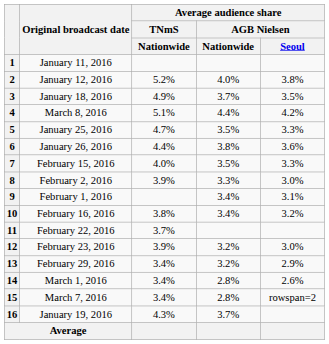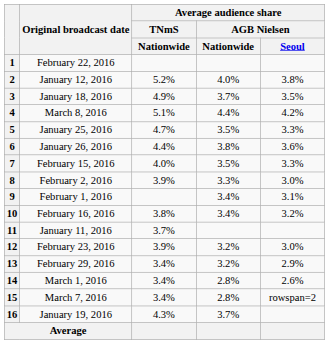 <table class=wikitable style="text-align:center">
 <tr>
 <th rowspan="3"></th>
 <th rowspan="3">Original broadcast date</th>
 <th colspan="3">Average audience share</th>
 </tr>
 <tr>
 <th>TNmS</th>
 <th colspan="2">AGB Nielsen</th>
 </tr>
 <tr>
 <th width=90>Nationwide</th>
 <th width=90>Nationwide</th>
 <th width=90><a href='#'>Seoul</a></th>
 </tr>
 <tr>
 <th>1</th>
-<td>January 11, 2016</td>
+<td>February 22, 2016</td>
 <td></td>
 <td></td>
 <td></td>
 </tr>
 <tr>
 <th>2</th>
 <td>January 12, 2016</td>
 <td>5.2%</td>
 <td>4.0%</td>
 <td>3.8%</td>
 </tr>
 <tr>
 <th>3</th>
 <td>January 18, 2016</td>
 <td>4.9%</td>
 <td>3.7%</td>
 <td>3.5%</td>
 </tr>
 <tr>
 <th>4</th>
 <td>March 8, 2016</td>
 <td>5.1%</td>
 <td>4.4%</td>
 <td>4.2%</td>
 </tr>
 <tr>
 <th>5</th>
 <td>January 25, 2016</td>
 <td>4.7%</td>
 <td>3.5%</td>
 <td>3.3%</td>
 </tr>
 <tr>
 <th>6</th>
 <td>January 26, 2016</td>
 <td>4.4%</td>
 <td>3.8%</td>
 <td>3.6%</td>
 </tr>
 <tr>
 <th>7</th>
 <td>February 15, 2016</td>
 <td>4.0%</td>
 <td>3.5%</td>
 <td>3.3%</td>
 </tr>
 <tr>
 <th>8</th>
 <td>February 2, 2016</td>
 <td>3.9%</td>
 <td>3.3%</td>
 <td>3.0%</td>
 </tr>
 <tr>
 <th>9</th>
 <td>February 1, 2016</td>
 <td></td>
 <td>3.4%</td>
 <td>3.1%</td>
 </tr>
 <tr>
 <th>10</th>
 <td>February 16, 2016</td>
 <td>3.8%</td>
 <td>3.4%</td>
 <td>3.2%</td>
 </tr>
 <tr>
 <th>11</th>
-<td>February 22, 2016</td>
+<td>January 11, 2016</td>
 <td>3.7%</td>
 <td></td>
 <td></td>
 </tr>
 <tr>
 <th>12</th>
 <td>February 23, 2016</td>
 <td>3.9%</td>
 <td>3.2%</td>
 <td>3.0%</td>
 </tr>
 <tr>
 <th>13</th>
 <td>February 29, 2016</td>
 <td>3.4%</td>
 <td>3.2%</td>
 <td>2.9%</td>
 </tr>
 <tr>
 <th>14</th>
 <td>March 1, 2016</td>
 <td>3.4%</td>
 <td>2.8%</td>
 <td>2.6%</td>
 </tr>
 <tr>
 <th>15</th>
 <td>March 7, 2016</td>
 <td>3.4%</td>
 <td>2.8%</td>
 <td>rowspan=2 </td>
 </tr>
 <tr>
 <th>16</th>
 <td>January 19, 2016</td>
 <td>4.3%</td>
 <td>3.7%</td>
 </tr>
 <tr>
 <th colspan="2">Average</th>
 <th></th>
 <th></th>
 <th></th>
 </tr>
 </table>
